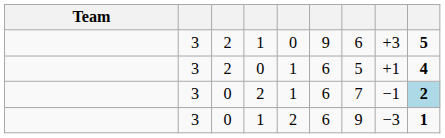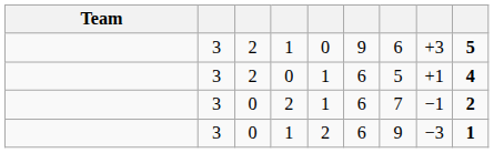 <table class="wikitable" style="text-align: center;">
 <tr>
 <th width="165">Team</th>
 <th width="25"></th>
 <th width="25"></th>
 <th width="25"></th>
 <th width="25"></th>
 <th width="25"></th>
 <th width="25"></th>
 <th width="25"></th>
 <th width="25"></th>
 </tr>
 <tr>
 <td style="text-align:left"></td>
 <td>3</td>
 <td>2</td>
 <td>1</td>
 <td>0</td>
 <td>9</td>
 <td>6</td>
 <td>+3</td>
 <td><strong>5</strong></td>
 </tr>
 <tr>
 <td style="text-align:left"></td>
 <td>3</td>
 <td>2</td>
 <td>0</td>
 <td>1</td>
 <td>6</td>
 <td>5</td>
 <td>+1</td>
 <td><strong>4</strong></td>
 </tr>
 <tr>
 <td style="text-align:left"></td>
 <td>3</td>
 <td>0</td>
 <td>2</td>
 <td>1</td>
 <td>6</td>
 <td>7</td>
 <td>−1</td>
-<td style="background: lightblue;"><strong>2</strong></td>
+<td><strong>2</strong></td>
 </tr>
 <tr>
 <td style="text-align:left"></td>
 <td>3</td>
 <td>0</td>
 <td>1</td>
 <td>2</td>
 <td>6</td>
 <td>9</td>
 <td>−3</td>
 <td><strong>1</strong></td>
 </tr>
 </table>
